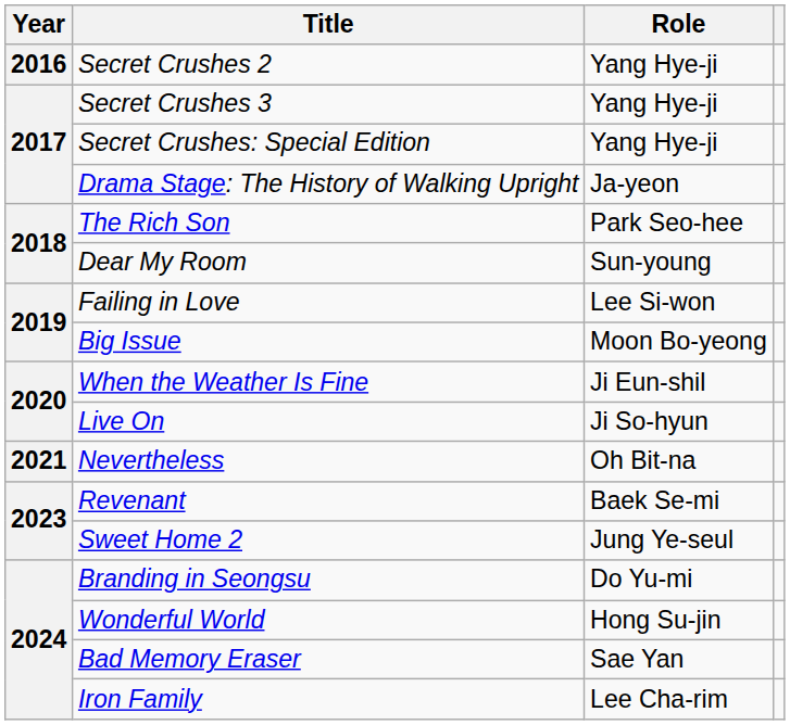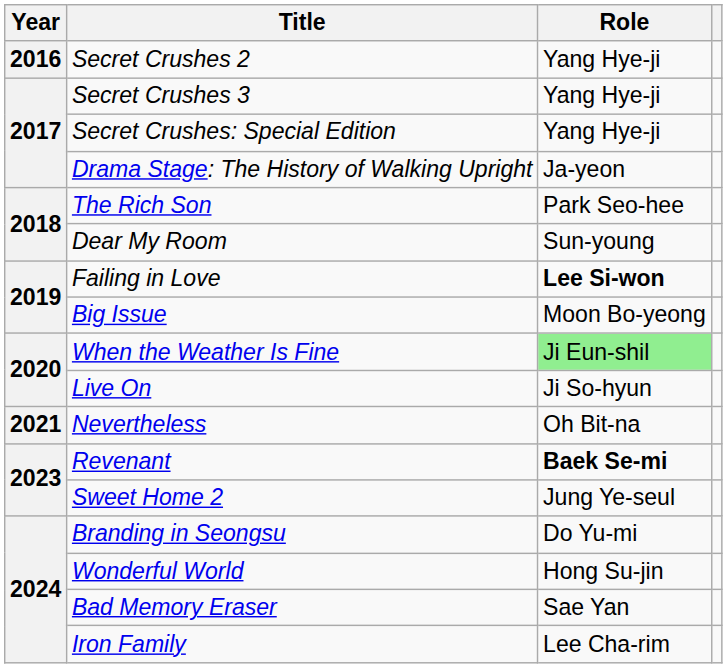 <table class="wikitable plainrowheaders sortable">
 <tr>
 <th scope="col">Year</th>
 <th scope="col">Title</th>
 <th scope="col">Role</th>
 <th scope="col" class="unsortable"></th>
 </tr>
 <tr>
 <th scope="row">2016</th>
 <td><em>Secret Crushes 2</em></td>
 <td>Yang Hye-ji</td>
 <td style="text-align:center"></td>
 </tr>
 <tr>
 <th scope="row" rowspan="3">2017</th>
 <td><em>Secret Crushes 3</em></td>
 <td>Yang Hye-ji</td>
 <td style="text-align:center"></td>
 </tr>
 <tr>
 <td><em>Secret Crushes: Special Edition</em></td>
 <td>Yang Hye-ji</td>
 <td style="text-align:center"></td>
 </tr>
 <tr>
 <td><em><a href='#'>Drama Stage</a>: The History of Walking Upright</em></td>
 <td>Ja-yeon</td>
 <td style="text-align:center"></td>
 </tr>
 <tr>
 <th scope="row" rowspan="2">2018</th>
 <td><em><a href='#'>The Rich Son</a></em></td>
 <td>Park Seo-hee</td>
 <td style="text-align:center"></td>
 </tr>
 <tr>
 <td><em>Dear My Room</em></td>
 <td>Sun-young</td>
 <td style="text-align:center"></td>
 </tr>
 <tr>
 <th scope="row" rowspan="2">2019</th>
 <td><em>Failing in Love</em></td>
-<td>Lee Si-won</td>
+<td><strong>Lee Si-won</strong></td>
 <td style="text-align:center"></td>
 </tr>
 <tr>
 <td><em><a href='#'>Big Issue</a></em></td>
 <td>Moon Bo-yeong</td>
 <td style="text-align:center"></td>
 </tr>
 <tr>
 <th scope="row" rowspan="2">2020</th>
 <td><em><a href='#'>When the Weather Is Fine</a></em></td>
-<td>Ji Eun-shil</td>
+<td style="background: lightgreen;">Ji Eun-shil</td>
 <td style="text-align:center"></td>
 </tr>
 <tr>
 <td><em><a href='#'>Live On</a></em></td>
 <td>Ji So-hyun</td>
 <td style="text-align:center"></td>
 </tr>
 <tr>
 <th scope="row">2021</th>
 <td><em><a href='#'>Nevertheless</a></em></td>
 <td>Oh Bit-na</td>
 <td style="text-align:center"></td>
 </tr>
 <tr>
 <th scope="row" rowspan="2">2023</th>
 <td><em><a href='#'>Revenant</a></em></td>
-<td>Baek Se-mi</td>
+<td><strong>Baek Se-mi</strong></td>
 <td style="text-align:center"></td>
 </tr>
 <tr>
 <td><em><a href='#'>Sweet Home 2</a></em></td>
 <td>Jung Ye-seul</td>
 <td style="text-align:center"></td>
 </tr>
 <tr>
 <th scope="row" rowspan="4">2024</th>
 <td><em><a href='#'>Branding in Seongsu</a></em></td>
 <td>Do Yu-mi</td>
 <td style="text-align:center"></td>
 </tr>
 <tr>
 <td><em><a href='#'>Wonderful World</a></em></td>
 <td>Hong Su-jin</td>
 <td style="text-align:center"></td>
 </tr>
 <tr>
 <td><em><a href='#'>Bad Memory Eraser</a></em></td>
 <td>Sae Yan</td>
 <td style="text-align:center"></td>
 </tr>
 <tr>
 <td><em><a href='#'>Iron Family</a></em></td>
 <td>Lee Cha-rim</td>
 <td style="text-align:center"></td>
 </tr>
 </table>
